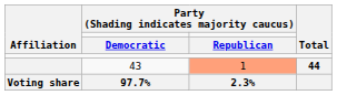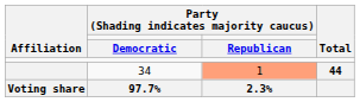 <table class=wikitable style="text-align:center">
 <tr style="vertical-align:bottom;">
 <th rowspan=3>Affiliation</th>
 <th colspan=2>Party <div>(Shading indicates majority caucus)</div></th>
 <th rowspan=3>Total</th>
 </tr>
 <tr style="height:5px">
 <td style="background-color:"></td>
 <td style="background-color:"></td>
 </tr>
 <tr>
 <th><a href='#'>Democratic</a></th>
 <th><a href='#'>Republican</a></th>
 </tr>
 <tr>
 <td colspan=5></td>
 </tr>
 <tr>
 <th nowrap style="font-size:80%"></th>
-<td>43</td>
+<td>34</td>
 <td style="background: lightsalmon;">1</td>
 <th>44</th>
 </tr>
 <tr>
 <th>Voting share</th>
 <th>97.7%</th>
 <th>2.3% </th>
 <th colspan=2></th>
 </tr>
 </table>
